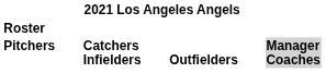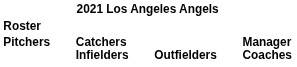 <table class="toccolours" style="font-size: 95%;">
 <tr>
 <th colspan="10">2021 Los Angeles Angels</th>
 </tr>
 <tr>
 <td colspan="10"><strong>Roster</strong></td>
 </tr>
 <tr>
 <td valign="top"><strong>Pitchers</strong><br>                                     </td>
 <td width="25px"></td>
 <td valign="top"><strong>Catchers</strong><br>     <strong>Infielders</strong>          </td>
 <td width="25px"></td>
 <td valign="top"><br><strong>Outfielders</strong>           </td>
 <td width="25px"></td>
-<td valign="top" style="background: lightgrey;"><strong>Manager</strong><br> <strong>Coaches</strong>                              </td>
+<td valign="top"><strong>Manager</strong><br> <strong>Coaches</strong>                              </td>
 </tr>
 </table>
